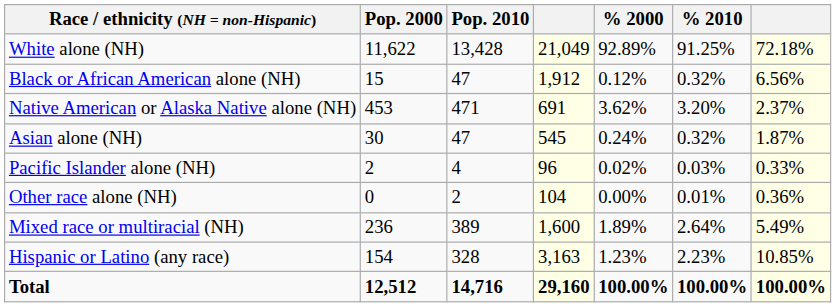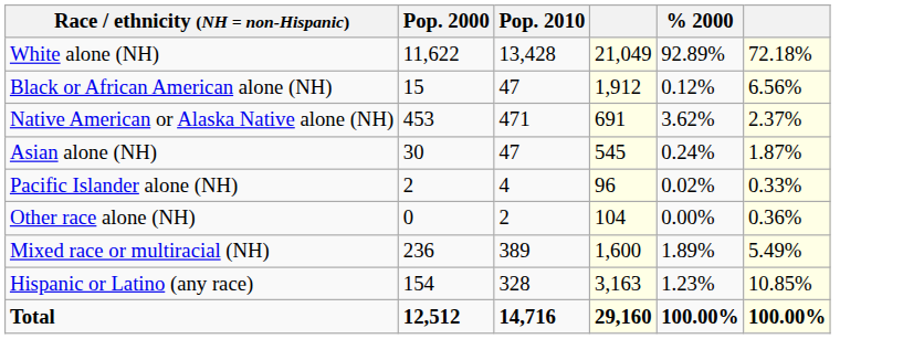 <table class="wikitable">
 <tr>
 <th>Race / ethnicity <small>(<em>NH = non-Hispanic</em>)</small></th>
 <th>Pop. 2000</th>
 <th>Pop. 2010</th>
 <th></th>
 <th>% 2000</th>
-<th>% 2010</th>
 <th></th>
 </tr>
 <tr>
 <td><a href='#'>White</a> alone (NH)</td>
 <td>11,622</td>
 <td>13,428</td>
 <td style='background: #ffffe6;'>21,049</td>
 <td>92.89%</td>
-<td>91.25%</td>
 <td style='background: #ffffe6;'>72.18%</td>
 </tr>
 <tr>
 <td><a href='#'>Black or African American</a> alone (NH)</td>
 <td>15</td>
 <td>47</td>
 <td style='background: #ffffe6;'>1,912</td>
 <td>0.12%</td>
-<td>0.32%</td>
 <td style='background: #ffffe6;'>6.56%</td>
 </tr>
 <tr>
 <td><a href='#'>Native American</a> or <a href='#'>Alaska Native</a> alone (NH)</td>
 <td>453</td>
 <td>471</td>
 <td style='background: #ffffe6;'>691</td>
 <td>3.62%</td>
-<td>3.20%</td>
 <td style='background: #ffffe6;'>2.37%</td>
 </tr>
 <tr>
 <td><a href='#'>Asian</a> alone (NH)</td>
 <td>30</td>
 <td>47</td>
 <td style='background: #ffffe6;'>545</td>
 <td>0.24%</td>
-<td>0.32%</td>
 <td style='background: #ffffe6;'>1.87%</td>
 </tr>
 <tr>
 <td><a href='#'>Pacific Islander</a> alone (NH)</td>
 <td>2</td>
 <td>4</td>
 <td style='background: #ffffe6;'>96</td>
 <td>0.02%</td>
-<td>0.03%</td>
 <td style='background: #ffffe6;'>0.33%</td>
 </tr>
 <tr>
 <td><a href='#'>Other race</a> alone (NH)</td>
 <td>0</td>
 <td>2</td>
 <td style='background: #ffffe6;'>104</td>
 <td>0.00%</td>
-<td>0.01%</td>
 <td style='background: #ffffe6;'>0.36%</td>
 </tr>
 <tr>
 <td><a href='#'>Mixed race or multiracial</a> (NH)</td>
 <td>236</td>
 <td>389</td>
 <td style='background: #ffffe6;'>1,600</td>
 <td>1.89%</td>
-<td>2.64%</td>
 <td style='background: #ffffe6;'>5.49%</td>
 </tr>
 <tr>
 <td><a href='#'>Hispanic or Latino</a> (any race)</td>
 <td>154</td>
 <td>328</td>
 <td style='background: #ffffe6;'>3,163</td>
 <td>1.23%</td>
-<td>2.23%</td>
 <td style='background: #ffffe6;'>10.85%</td>
 </tr>
 <tr>
 <td><strong>Total</strong></td>
 <td><strong>12,512</strong></td>
 <td><strong>14,716</strong></td>
 <td style='background: #ffffe6;'><strong>29,160</strong></td>
 <td><strong>100.00%</strong></td>
-<td><strong>100.00%</strong></td>
 <td style='background: #ffffe6;'><strong>100.00%</strong></td>
 </tr>
 </table>
